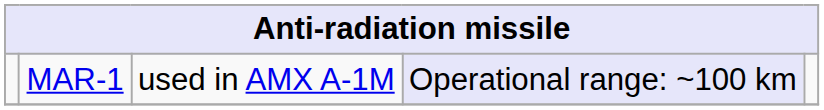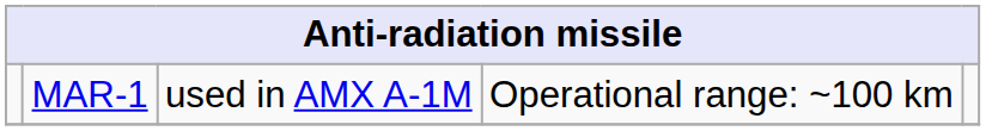 <table class="wikitable">
 <tr>
 <th style="align: center; background: lavender;" colspan="8"><strong>Anti-radiation missile</strong></th>
 </tr>
 <tr>
 <td></td>
 <td><a href='#'>MAR-1</a></td>
 <td>used in <a href='#'>AMX A-1M</a></td>
-<td style="background: lavender;">Operational range: ~100 km</td>
+<td>Operational range: ~100 km</td>
 <td></td>
 </tr>
 <tr>
 </tr>
 </table>
